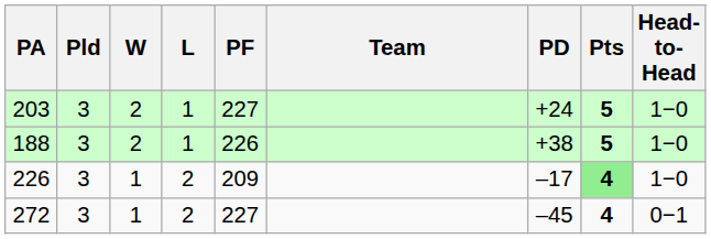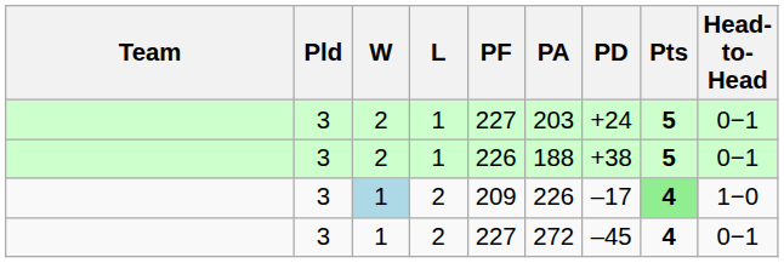 <table class=wikitable style="text-align:center">
 <tr>
-<th width=30>PA</th>
+<th width=180>Team</th>
 <th width=30>Pld</th>
 <th width=30>W</th>
 <th width=30>L</th>
 <th width=30>PF</th>
-<th width=180>Team</th>
+<th width=30>PA</th>
 <th width=30>PD</th>
 <th width=30>Pts</th>
 <th width=30>Head-to-Head</th>
 </tr>
 <tr bgcolor="#ccffcc">
-<td>203</td>
+<td align="left"></td>
 <td>3</td>
 <td>2</td>
 <td>1</td>
 <td>227</td>
-<td align="left"></td>
+<td>203</td>
 <td>+24</td>
 <td><strong>5</strong></td>
-<td>1−0</td>
+<td>0−1</td>
 </tr>
 <tr bgcolor="#ccffcc">
-<td>188</td>
+<td align="left"></td>
 <td>3</td>
 <td>2</td>
 <td>1</td>
 <td>226</td>
-<td align="left"></td>
+<td>188</td>
 <td>+38</td>
 <td><strong>5</strong></td>
-<td>1−0</td>
+<td>0−1</td>
 </tr>
 <tr>
-<td>226</td>
+<td align="left"></td>
 <td>3</td>
-<td>1</td>
+<td style="background: lightblue;">1</td>
 <td>2</td>
 <td>209</td>
-<td align="left"></td>
+<td>226</td>
 <td>–17</td>
 <td style="background: lightgreen;"><strong>4</strong></td>
 <td>1−0</td>
 </tr>
 <tr>
-<td>272</td>
+<td align="left"></td>
 <td>3</td>
 <td>1</td>
 <td>2</td>
 <td>227</td>
-<td align="left"></td>
+<td>272</td>
 <td>–45</td>
 <td><strong>4</strong></td>
 <td>0−1</td>
 </tr>
 </table>
